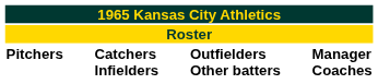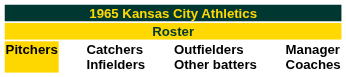 <table class="toccolours" style="font-size: 95%;">
 <tr>
 <th colspan="10" style="background-color: #003831; color: #FFD800; text-align: center;">1965 Kansas City Athletics</th>
 </tr>
 <tr>
 <td colspan="10" style="background-color: #FFD800; color: #003831; text-align: center;"><strong>Roster</strong></td>
 </tr>
 <tr>
-<td valign="top"><strong>Pitchers</strong><br>                      </td>
+<td valign="top" style="background: gold;"><strong>Pitchers</strong><br>                      </td>
 <td width="25px"></td>
 <td valign="top"><strong>Catchers</strong><br>   <strong>Infielders</strong>         </td>
 <td width="25px"></td>
 <td valign="top"><strong>Outfielders</strong><br>        <strong>Other batters</strong> </td>
 <td width="25px"></td>
 <td valign="top"><strong>Manager</strong><br>  <strong>Coaches</strong>    </td>
 </tr>
 </table>
